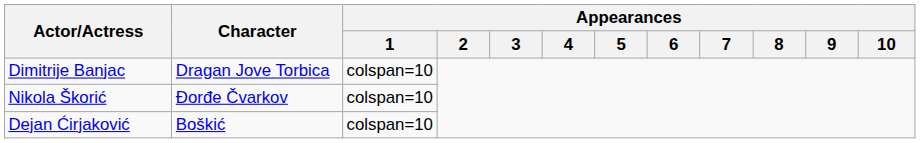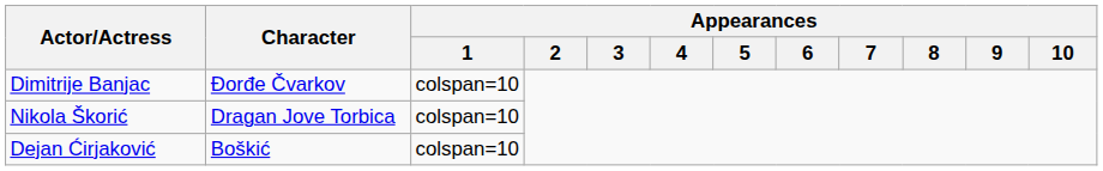 <table class="wikitable">
 <tr>
 <th rowspan=2 style="width:190px;">Actor/Actress</th>
 <th rowspan=2 style="width:220px;">Character</th>
 <th colspan=10>Appearances</th>
 </tr>
 <tr>
 <th style="width:70px;">1</th>
 <th style="width:70px;">2</th>
 <th style="width:70px;">3</th>
 <th style="width:70px;">4</th>
 <th style="width:70px;">5</th>
 <th style="width:70px;">6</th>
 <th style="width:70px;">7</th>
 <th style="width:70px;">8</th>
 <th style="width:70px;">9</th>
 <th style="width:70px;">10</th>
 </tr>
 <tr>
 <td><a href='#'>Dimitrije Banjac</a></td>
-<td><a href='#'>Dragan Jove Torbica</a></td>
+<td><a href='#'>Đorđe Čvarkov</a></td>
 <td>colspan=10 </td>
 </tr>
 <tr>
 <td><a href='#'>Nikola Škorić</a></td>
-<td><a href='#'>Đorđe Čvarkov</a></td>
+<td><a href='#'>Dragan Jove Torbica</a></td>
 <td>colspan=10 </td>
 </tr>
 <tr>
 <td><a href='#'>Dejan Ćirjaković</a></td>
 <td><a href='#'>Boškić</a></td>
 <td>colspan=10 </td>
 </tr>
 </table>
